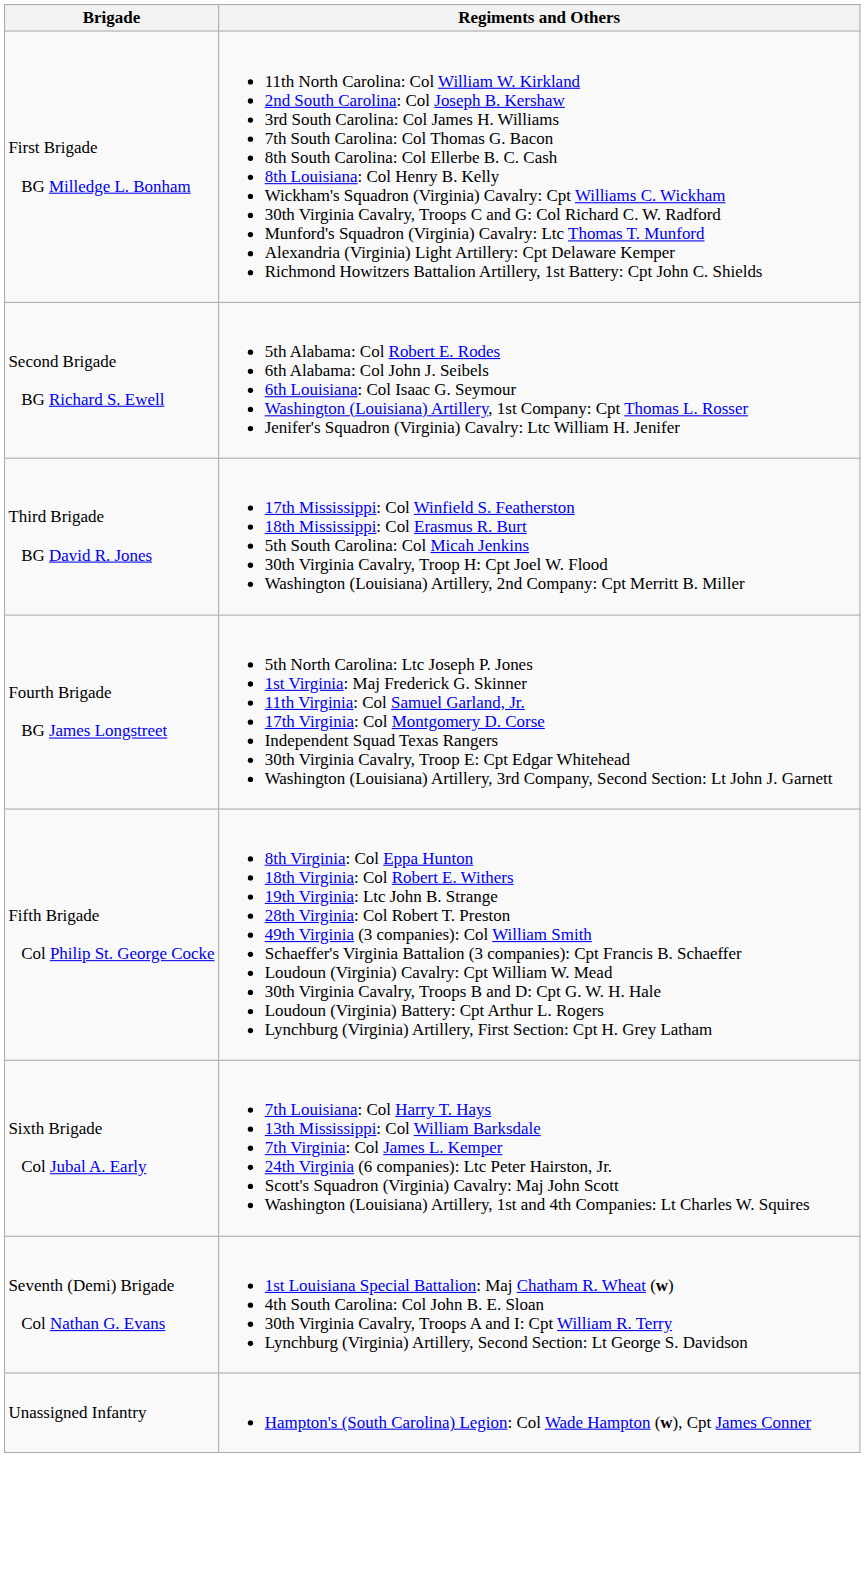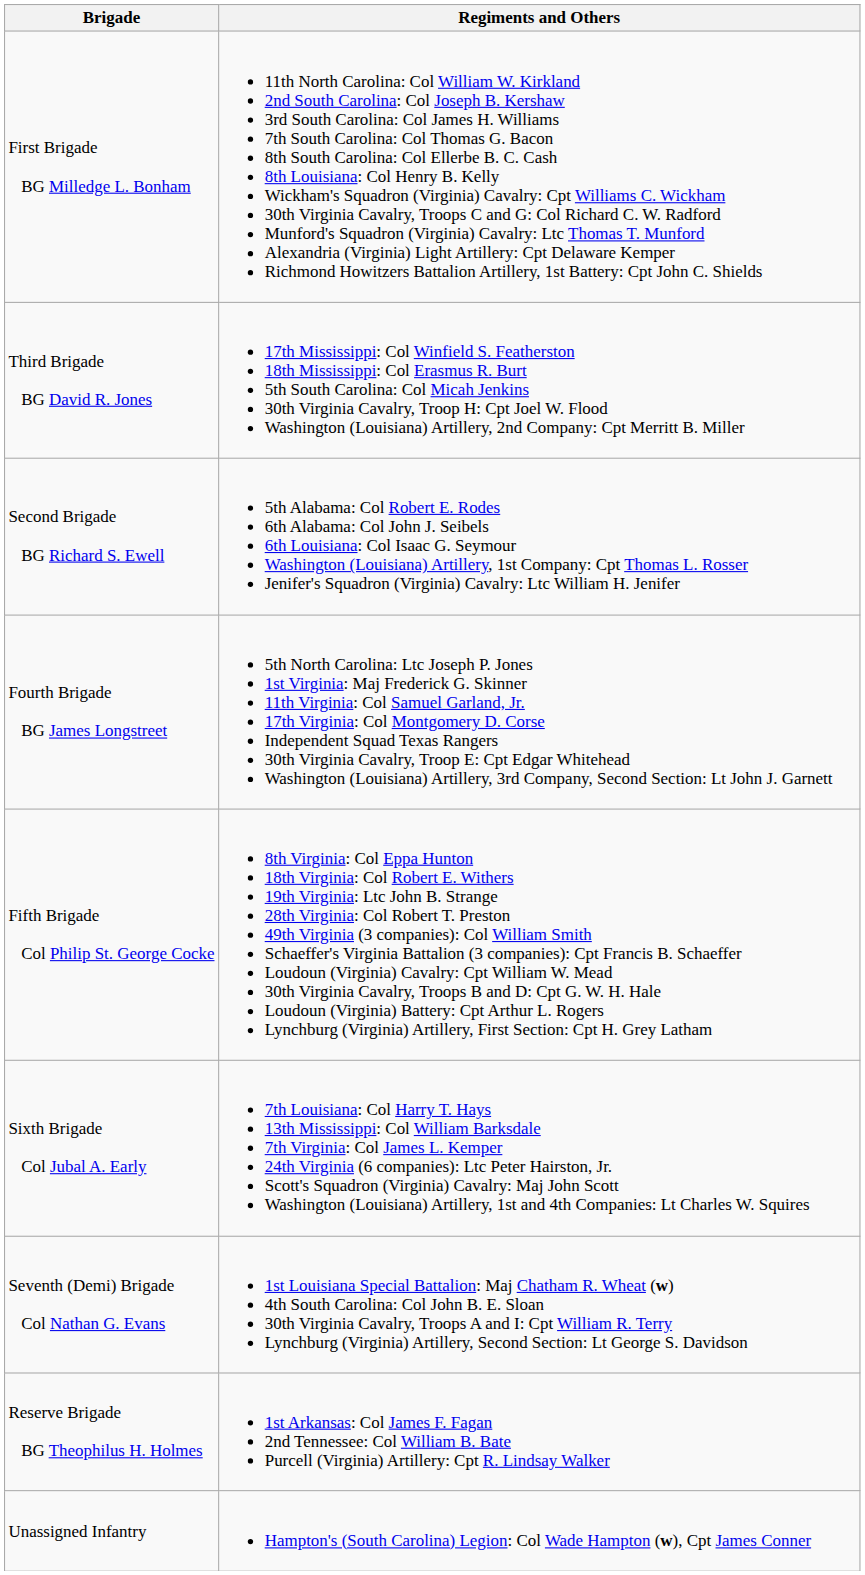 <table class="wikitable">
 <tr>
 <th width=25%>Brigade</th>
 <th>Regiments and Others</th>
 </tr>
 <tr>
 <td>First Brigade<br><br>   BG <a href='#'>Milledge L. Bonham</a></td>
 <td><br><ul><li>11th North Carolina: Col <a href='#'>William W. Kirkland</a></li><li><a href='#'>2nd South Carolina</a>: Col <a href='#'>Joseph B. Kershaw</a></li><li>3rd South Carolina: Col James H. Williams</li><li>7th South Carolina: Col Thomas G. Bacon</li><li>8th South Carolina: Col Ellerbe B. C. Cash</li><li><a href='#'>8th Louisiana</a>: Col Henry B. Kelly</li><li>Wickham's Squadron (Virginia) Cavalry: Cpt <a href='#'>Williams C. Wickham</a></li><li>30th Virginia Cavalry, Troops C and G: Col Richard C. W. Radford</li><li>Munford's Squadron (Virginia) Cavalry: Ltc <a href='#'>Thomas T. Munford</a></li><li>Alexandria (Virginia) Light Artillery: Cpt Delaware Kemper</li><li>Richmond Howitzers Battalion Artillery, 1st Battery: Cpt John C. Shields</li></ul></td>
 </tr>
 <tr>
+<td>Third Brigade<br><br>   BG <a href='#'>David R. Jones</a></td>
+<td><br><ul><li><a href='#'>17th Mississippi</a>: Col <a href='#'>Winfield S. Featherston</a></li><li><a href='#'>18th Mississippi</a>: Col <a href='#'>Erasmus R. Burt</a></li><li>5th South Carolina: Col <a href='#'>Micah Jenkins</a></li><li>30th Virginia Cavalry, Troop H: Cpt Joel W. Flood</li><li>Washington (Louisiana) Artillery, 2nd Company: Cpt Merritt B. Miller</li></ul></td>
+</tr>
+<tr>
 <td>Second Brigade<br><br>   BG <a href='#'>Richard S. Ewell</a></td>
 <td><br><ul><li>5th Alabama: Col <a href='#'>Robert E. Rodes</a></li><li>6th Alabama: Col John J. Seibels</li><li><a href='#'>6th Louisiana</a>: Col Isaac G. Seymour</li><li><a href='#'>Washington (Louisiana) Artillery</a>, 1st Company: Cpt <a href='#'>Thomas L. Rosser</a></li><li>Jenifer's Squadron (Virginia) Cavalry: Ltc William H. Jenifer</li></ul></td>
-</tr>
-<tr>
-<td>Third Brigade<br><br>   BG <a href='#'>David R. Jones</a></td>
-<td><br><ul><li><a href='#'>17th Mississippi</a>: Col <a href='#'>Winfield S. Featherston</a></li><li><a href='#'>18th Mississippi</a>: Col <a href='#'>Erasmus R. Burt</a></li><li>5th South Carolina: Col <a href='#'>Micah Jenkins</a></li><li>30th Virginia Cavalry, Troop H: Cpt Joel W. Flood</li><li>Washington (Louisiana) Artillery, 2nd Company: Cpt Merritt B. Miller</li></ul></td>
 </tr>
 <tr>
 <td>Fourth Brigade<br><br>   BG <a href='#'>James Longstreet</a></td>
 <td><br><ul><li>5th North Carolina: Ltc Joseph P. Jones</li><li><a href='#'>1st Virginia</a>: Maj Frederick G. Skinner</li><li><a href='#'>11th Virginia</a>: Col <a href='#'>Samuel Garland, Jr.</a></li><li><a href='#'>17th Virginia</a>: Col <a href='#'>Montgomery D. Corse</a></li><li>Independent Squad Texas Rangers</li><li>30th Virginia Cavalry, Troop E: Cpt Edgar Whitehead</li><li>Washington (Louisiana) Artillery, 3rd Company, Second Section: Lt John J. Garnett</li></ul></td>
 </tr>
 <tr>
 <td>Fifth Brigade<br><br>   Col <a href='#'>Philip St. George Cocke</a></td>
 <td><br><ul><li><a href='#'>8th Virginia</a>: Col <a href='#'>Eppa Hunton</a></li><li><a href='#'>18th Virginia</a>: Col <a href='#'>Robert E. Withers</a></li><li><a href='#'>19th Virginia</a>: Ltc John B. Strange</li><li><a href='#'>28th Virginia</a>: Col Robert T. Preston</li><li><a href='#'>49th Virginia</a> (3 companies): Col <a href='#'>William Smith</a></li><li>Schaeffer's Virginia Battalion (3 companies): Cpt Francis B. Schaeffer</li><li>Loudoun (Virginia) Cavalry: Cpt William W. Mead</li><li>30th Virginia Cavalry, Troops B and D: Cpt G. W. H. Hale</li><li>Loudoun (Virginia) Battery: Cpt Arthur L. Rogers</li><li>Lynchburg (Virginia) Artillery, First Section: Cpt H. Grey Latham</li></ul></td>
 </tr>
 <tr>
 <td>Sixth Brigade<br><br>   Col <a href='#'>Jubal A. Early</a></td>
 <td><br><ul><li><a href='#'>7th Louisiana</a>: Col <a href='#'>Harry T. Hays</a></li><li><a href='#'>13th Mississippi</a>: Col <a href='#'>William Barksdale</a></li><li><a href='#'>7th Virginia</a>: Col <a href='#'>James L. Kemper</a></li><li><a href='#'>24th Virginia</a> (6 companies): Ltc Peter Hairston, Jr.</li><li>Scott's Squadron (Virginia) Cavalry: Maj John Scott</li><li>Washington (Louisiana) Artillery, 1st and 4th Companies: Lt Charles W. Squires</li></ul></td>
 </tr>
 <tr>
 <td>Seventh (Demi) Brigade<br><br>   Col <a href='#'>Nathan G. Evans</a></td>
 <td><br><ul><li><a href='#'>1st Louisiana Special Battalion</a>: Maj <a href='#'>Chatham R. Wheat</a> (<strong>w</strong>)</li><li>4th South Carolina: Col John B. E. Sloan</li><li>30th Virginia Cavalry, Troops A and I: Cpt <a href='#'>William R. Terry</a></li><li>Lynchburg (Virginia) Artillery, Second Section: Lt George S. Davidson</li></ul></td>
 </tr>
 <tr>
+<td>Reserve Brigade<br><br>   BG <a href='#'>Theophilus H. Holmes</a></td>
+<td><br><ul><li><a href='#'>1st Arkansas</a>: Col <a href='#'>James F. Fagan</a></li><li>2nd Tennessee: Col <a href='#'>William B. Bate</a></li><li>Purcell (Virginia) Artillery: Cpt <a href='#'>R. Lindsay Walker</a></li></ul></td>
+</tr>
+<tr>
 <td>Unassigned Infantry</td>
 <td><br><ul><li><a href='#'>Hampton's (South Carolina) Legion</a>: Col <a href='#'>Wade Hampton</a> (<strong>w</strong>), Cpt <a href='#'>James Conner</a></li></ul></td>
 </tr>
 </table>
